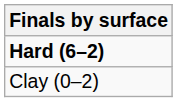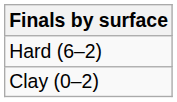 <table class=wikitable style=font-size:90%>
 <tr>
 <th>Finals by surface</th>
 </tr>
 <tr>
-<td><strong>Hard (6–2)</strong></td>
+<td>Hard (6–2)</td>
 </tr>
 <tr>
 <td>Clay (0–2)</td>
 </tr>
 </table>
